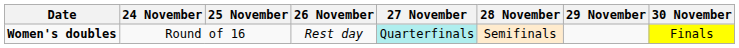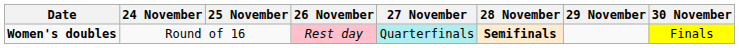 <table class="wikitable" style="text-align:center">
 <tr>
 <th>Date</th>
 <th>24 November</th>
 <th>25 November</th>
 <th>26 November</th>
 <th>27 November</th>
 <th>28 November</th>
 <th>29 November</th>
 <th>30 November</th>
 </tr>
 <tr>
 <td align="left"><strong>Women's doubles</strong></td>
 <td colspan=2>Round of 16</td>
-<td><em>Rest day</em></td>
+<td style="background: pink;"><em>Rest day</em></td>
 <td bgcolor="#afeeee">Quarterfinals</td>
-<td bgcolor="#ffebcd">Semifinals</td>
+<td bgcolor="#ffebcd"><strong>Semifinals</strong></td>
 <td></td>
 <td bgcolor="#FFFF00">Finals</td>
 </tr>
 </table>
